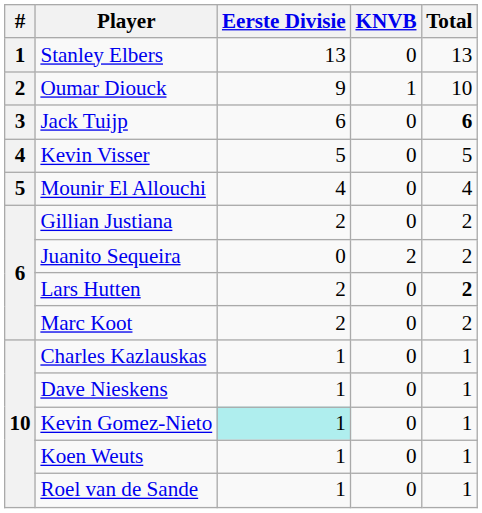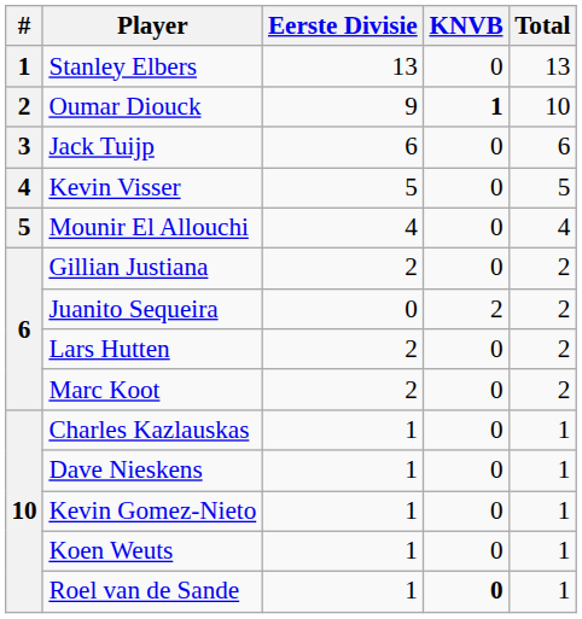 <table class="wikitable" style="text-align:right;">
 <tr>
 <th>#</th>
 <th>Player</th>
 <th><a href='#'>Eerste Divisie</a></th>
 <th><a href='#'>KNVB</a></th>
 <th>Total</th>
 </tr>
 <tr>
 <th align=center>1</th>
 <td align=left> <a href='#'>Stanley Elbers</a></td>
 <td>13</td>
 <td>0</td>
 <td>13</td>
 </tr>
 <tr>
 <th align=center>2</th>
 <td align=left> <a href='#'>Oumar Diouck</a></td>
 <td>9</td>
-<td>1</td>
+<td><strong>1</strong></td>
 <td>10</td>
 </tr>
 <tr>
 <th align=center>3</th>
 <td align=left> <a href='#'>Jack Tuijp</a></td>
 <td>6</td>
 <td>0</td>
-<td><strong>6</strong></td>
+<td>6</td>
 </tr>
 <tr>
 <th align=center>4</th>
 <td align=left> <a href='#'>Kevin Visser</a></td>
 <td>5</td>
 <td>0</td>
 <td>5</td>
 </tr>
 <tr>
 <th align=center>5</th>
 <td align=left> <a href='#'>Mounir El Allouchi</a></td>
 <td>4</td>
 <td>0</td>
 <td>4</td>
 </tr>
 <tr>
 <th rowspan=4 align=center>6</th>
 <td align=left> <a href='#'>Gillian Justiana</a></td>
 <td>2</td>
 <td>0</td>
 <td>2</td>
 </tr>
 <tr>
 <td align=left> <a href='#'>Juanito Sequeira</a></td>
 <td>0</td>
 <td>2</td>
 <td>2</td>
 </tr>
 <tr>
 <td align=left> <a href='#'>Lars Hutten</a></td>
 <td>2</td>
 <td>0</td>
-<td><strong>2</strong></td>
+<td>2</td>
 </tr>
 <tr>
 <td align=left> <a href='#'>Marc Koot</a></td>
 <td>2</td>
 <td>0</td>
 <td>2</td>
 </tr>
 <tr>
 <th rowspan=5 align=center>10</th>
 <td align=left> <a href='#'>Charles Kazlauskas</a></td>
 <td>1</td>
 <td>0</td>
 <td>1</td>
 </tr>
 <tr>
 <td align=left> <a href='#'>Dave Nieskens</a></td>
 <td>1</td>
 <td>0</td>
 <td>1</td>
 </tr>
 <tr>
 <td align=left> <a href='#'>Kevin Gomez-Nieto</a></td>
-<td style="background: paleturquoise;">1</td>
+<td>1</td>
 <td>0</td>
 <td>1</td>
 </tr>
 <tr>
 <td align=left> <a href='#'>Koen Weuts</a></td>
 <td>1</td>
 <td>0</td>
 <td>1</td>
 </tr>
 <tr>
 <td align=left> <a href='#'>Roel van de Sande</a></td>
 <td>1</td>
-<td>0</td>
+<td><strong>0</strong></td>
 <td>1</td>
 </tr>
 </table>
